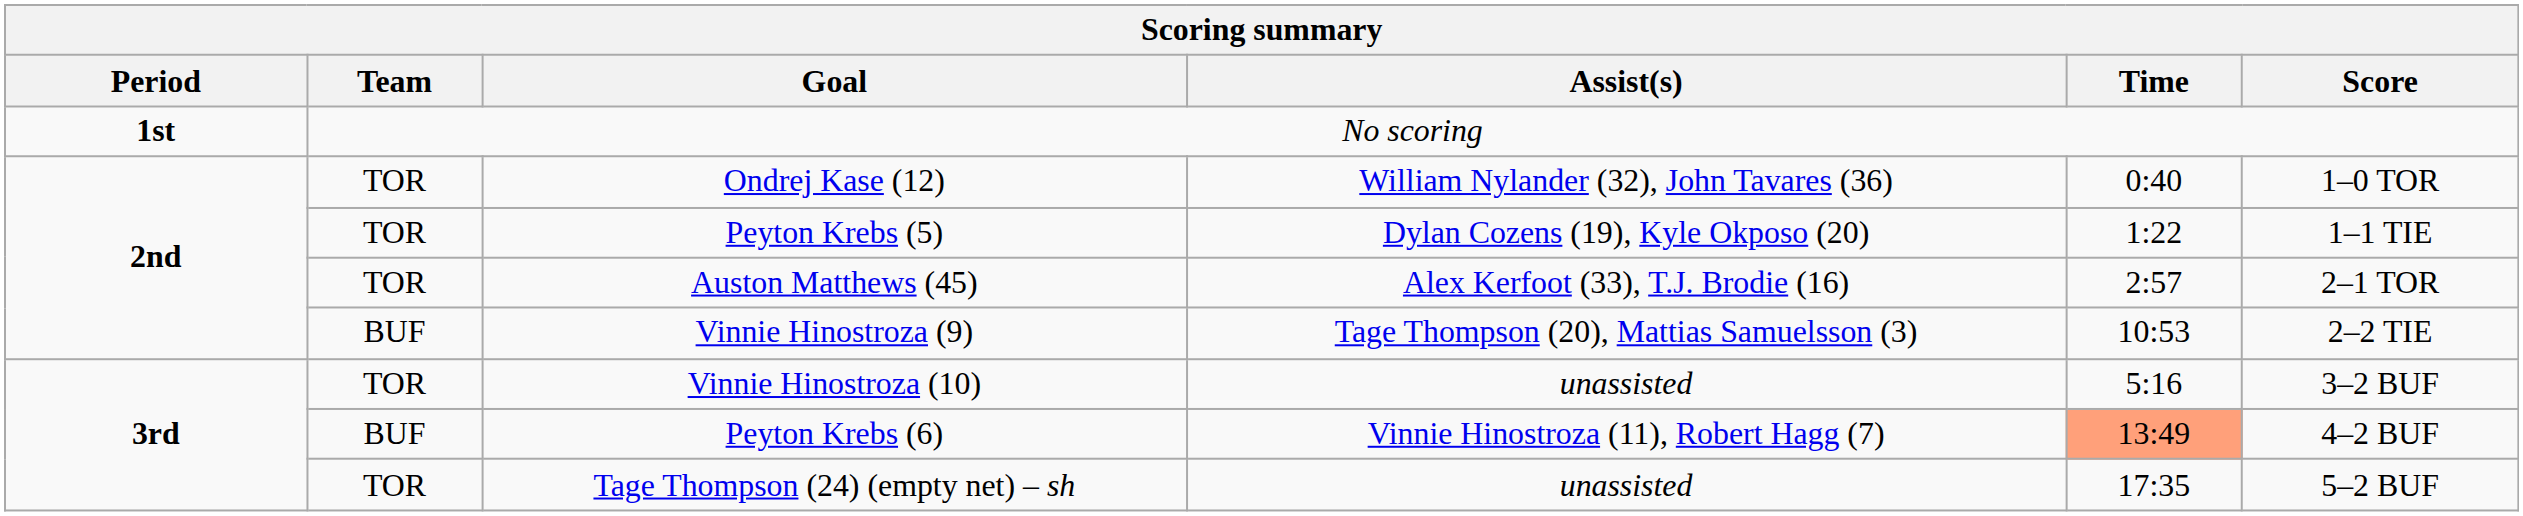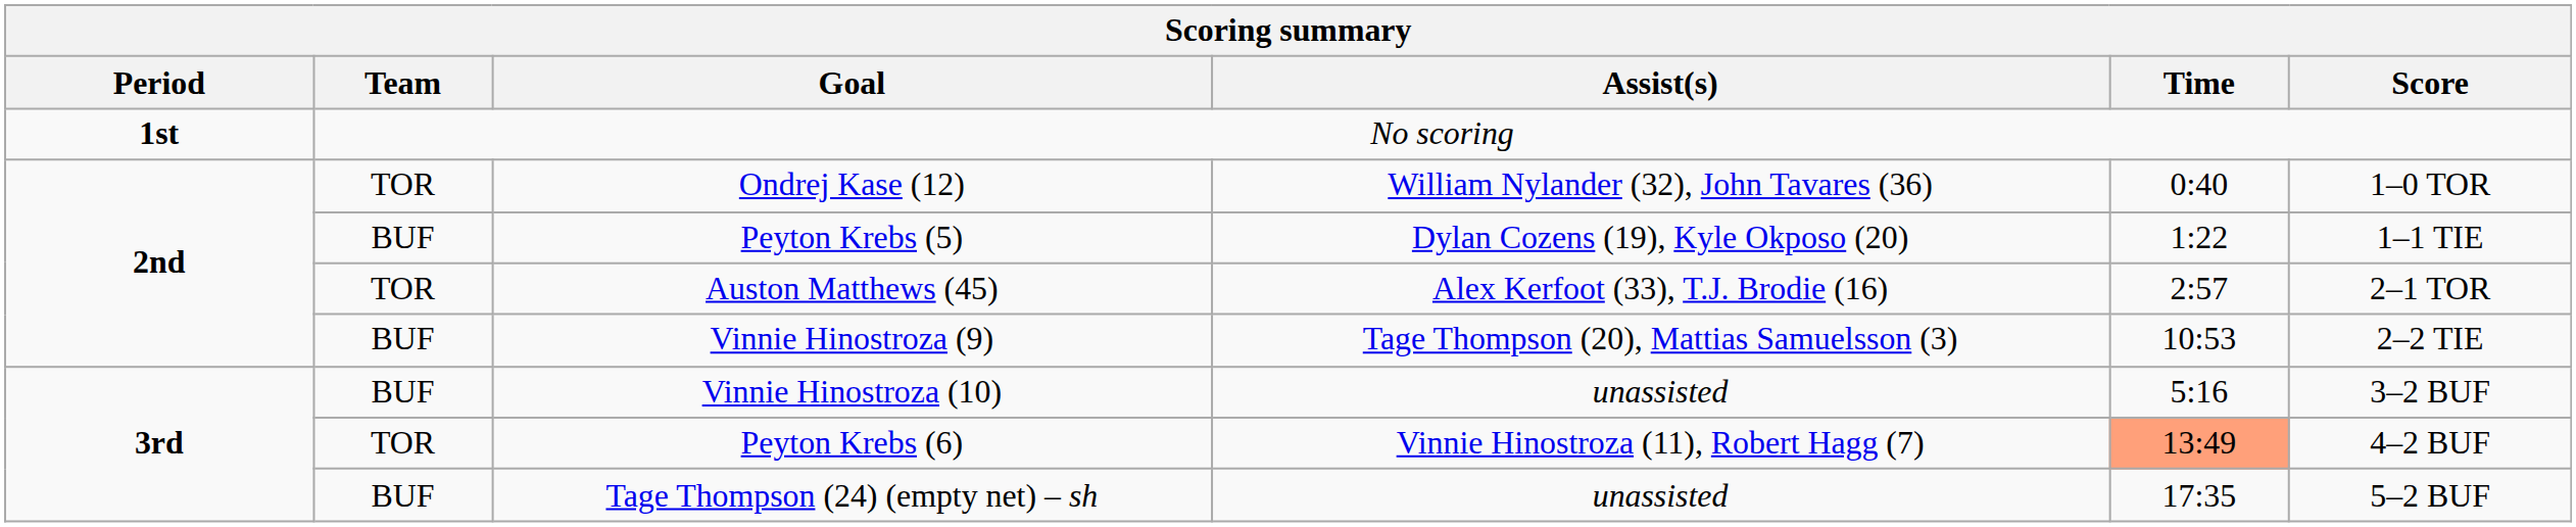 <table style="width:100%;" class="wikitable">
 <tr>
 <th colspan=6>Scoring summary</th>
 </tr>
 <tr>
 <th style="width:12%;">Period</th>
 <th style="width:7%;">Team</th>
 <th style="width:28%;">Goal</th>
 <th style="width:35%;">Assist(s)</th>
 <th style="width:7%;">Time</th>
 <th style="width:11%;">Score</th>
 </tr>
 <tr style="text-align:center;">
 <td style="text-align:center;"><strong>1st</strong></td>
 <td colspan="6" align=center><em>No scoring</em></td>
 </tr>
 <tr style="text-align:center;">
 <td style="text-align:center;" rowspan="4"><strong>2nd</strong></td>
 <td align=center>TOR</td>
 <td><a href='#'>Ondrej Kase</a> (12)</td>
 <td><a href='#'>William Nylander</a> (32), <a href='#'>John Tavares</a> (36)</td>
 <td align=center>0:40</td>
 <td align=center>1–0 TOR</td>
 </tr>
 <tr | style="text-align:center">
-<td align=center>TOR</td>
+<td align=center>BUF</td>
 <td><a href='#'>Peyton Krebs</a> (5)</td>
 <td><a href='#'>Dylan Cozens</a> (19), <a href='#'>Kyle Okposo</a> (20)</td>
 <td align=center>1:22</td>
 <td align=center>1–1 TIE</td>
 </tr>
 <tr | style="text-align:center">
 <td align=center>TOR</td>
 <td><a href='#'>Auston Matthews</a> (45)</td>
 <td><a href='#'>Alex Kerfoot</a> (33), <a href='#'>T.J. Brodie</a> (16)</td>
 <td align=center>2:57</td>
 <td align=center>2–1 TOR</td>
 </tr>
 <tr | style="text-align:center">
 <td align=center>BUF</td>
 <td><a href='#'>Vinnie Hinostroza</a> (9)</td>
 <td><a href='#'>Tage Thompson</a> (20), <a href='#'>Mattias Samuelsson</a> (3)</td>
 <td align=center>10:53</td>
 <td align=center>2–2 TIE</td>
 </tr>
 <tr style="text-align:center;">
 <td style="text-align:center;" rowspan="3"><strong>3rd</strong></td>
-<td align=center>TOR</td>
+<td align=center>BUF</td>
 <td><a href='#'>Vinnie Hinostroza</a> (10)</td>
 <td><em>unassisted</em></td>
 <td align=center>5:16</td>
 <td align=center>3–2 BUF</td>
 </tr>
 <tr | style="text-align:center">
-<td align=center>BUF</td>
+<td align=center>TOR</td>
 <td><a href='#'>Peyton Krebs</a> (6)</td>
 <td><a href='#'>Vinnie Hinostroza</a> (11), <a href='#'>Robert Hagg</a> (7)</td>
 <td align=center style="background: lightsalmon;">13:49</td>
 <td align=center>4–2 BUF</td>
 </tr>
 <tr | style="text-align:center">
-<td align=center>TOR</td>
+<td align=center>BUF</td>
 <td><a href='#'>Tage Thompson</a> (24) (empty net) – <em>sh</em></td>
 <td><em>unassisted</em></td>
 <td align=center>17:35</td>
 <td align=center>5–2 BUF</td>
 </tr>
 </table>
